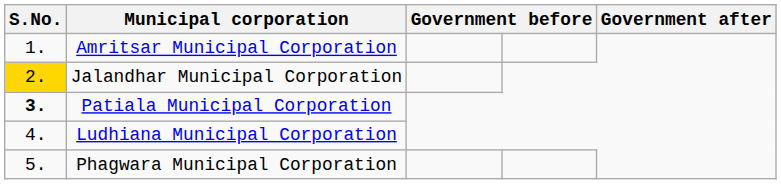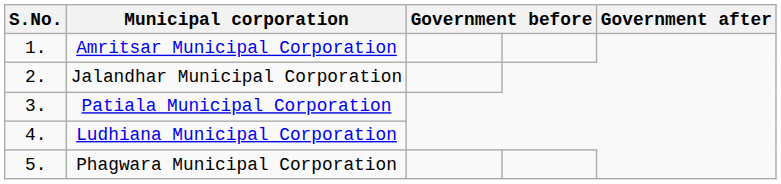 <table class="wikitable sortable"style="text-align:center;">
 <tr>
 <th>S.No.</th>
 <th>Municipal corporation</th>
 <th colspan="2">Government before</th>
 <th colspan="2">Government after</th>
 </tr>
 <tr>
 <td>1.</td>
 <td><a href='#'>Amritsar Municipal Corporation</a></td>
 <td></td>
 <td></td>
 </tr>
 <tr>
-<td style="background: gold;">2.</td>
+<td>2.</td>
 <td>Jalandhar Municipal Corporation</td>
 <td></td>
 </tr>
 <tr>
-<td><strong>3.</strong></td>
+<td>3.</td>
 <td><a href='#'>Patiala Municipal Corporation</a></td>
 </tr>
 <tr>
 <td>4.</td>
 <td><a href='#'>Ludhiana Municipal Corporation</a></td>
 </tr>
 <tr>
 <td>5.</td>
 <td>Phagwara Municipal Corporation</td>
 <td></td>
 <td></td>
 </tr>
 </table>
